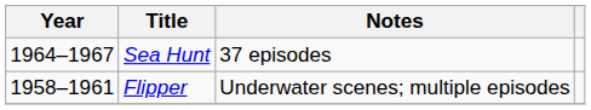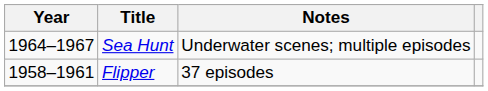 <table class="wikitable sortable">
 <tr>
 <th>Year</th>
 <th>Title</th>
 <th class=unsortable>Notes</th>
 <th class=unsortable></th>
 </tr>
 <tr>
 <td>1964–1967</td>
 <td><em><a href='#'>Sea Hunt</a></em></td>
-<td>37 episodes</td>
+<td>Underwater scenes; multiple episodes</td>
 <td></td>
 </tr>
 <tr>
 <td>1958–1961</td>
 <td><em><a href='#'>Flipper</a></em></td>
-<td>Underwater scenes; multiple episodes</td>
+<td>37 episodes</td>
 <td></td>
 </tr>
 <tr>
 </tr>
 </table>
